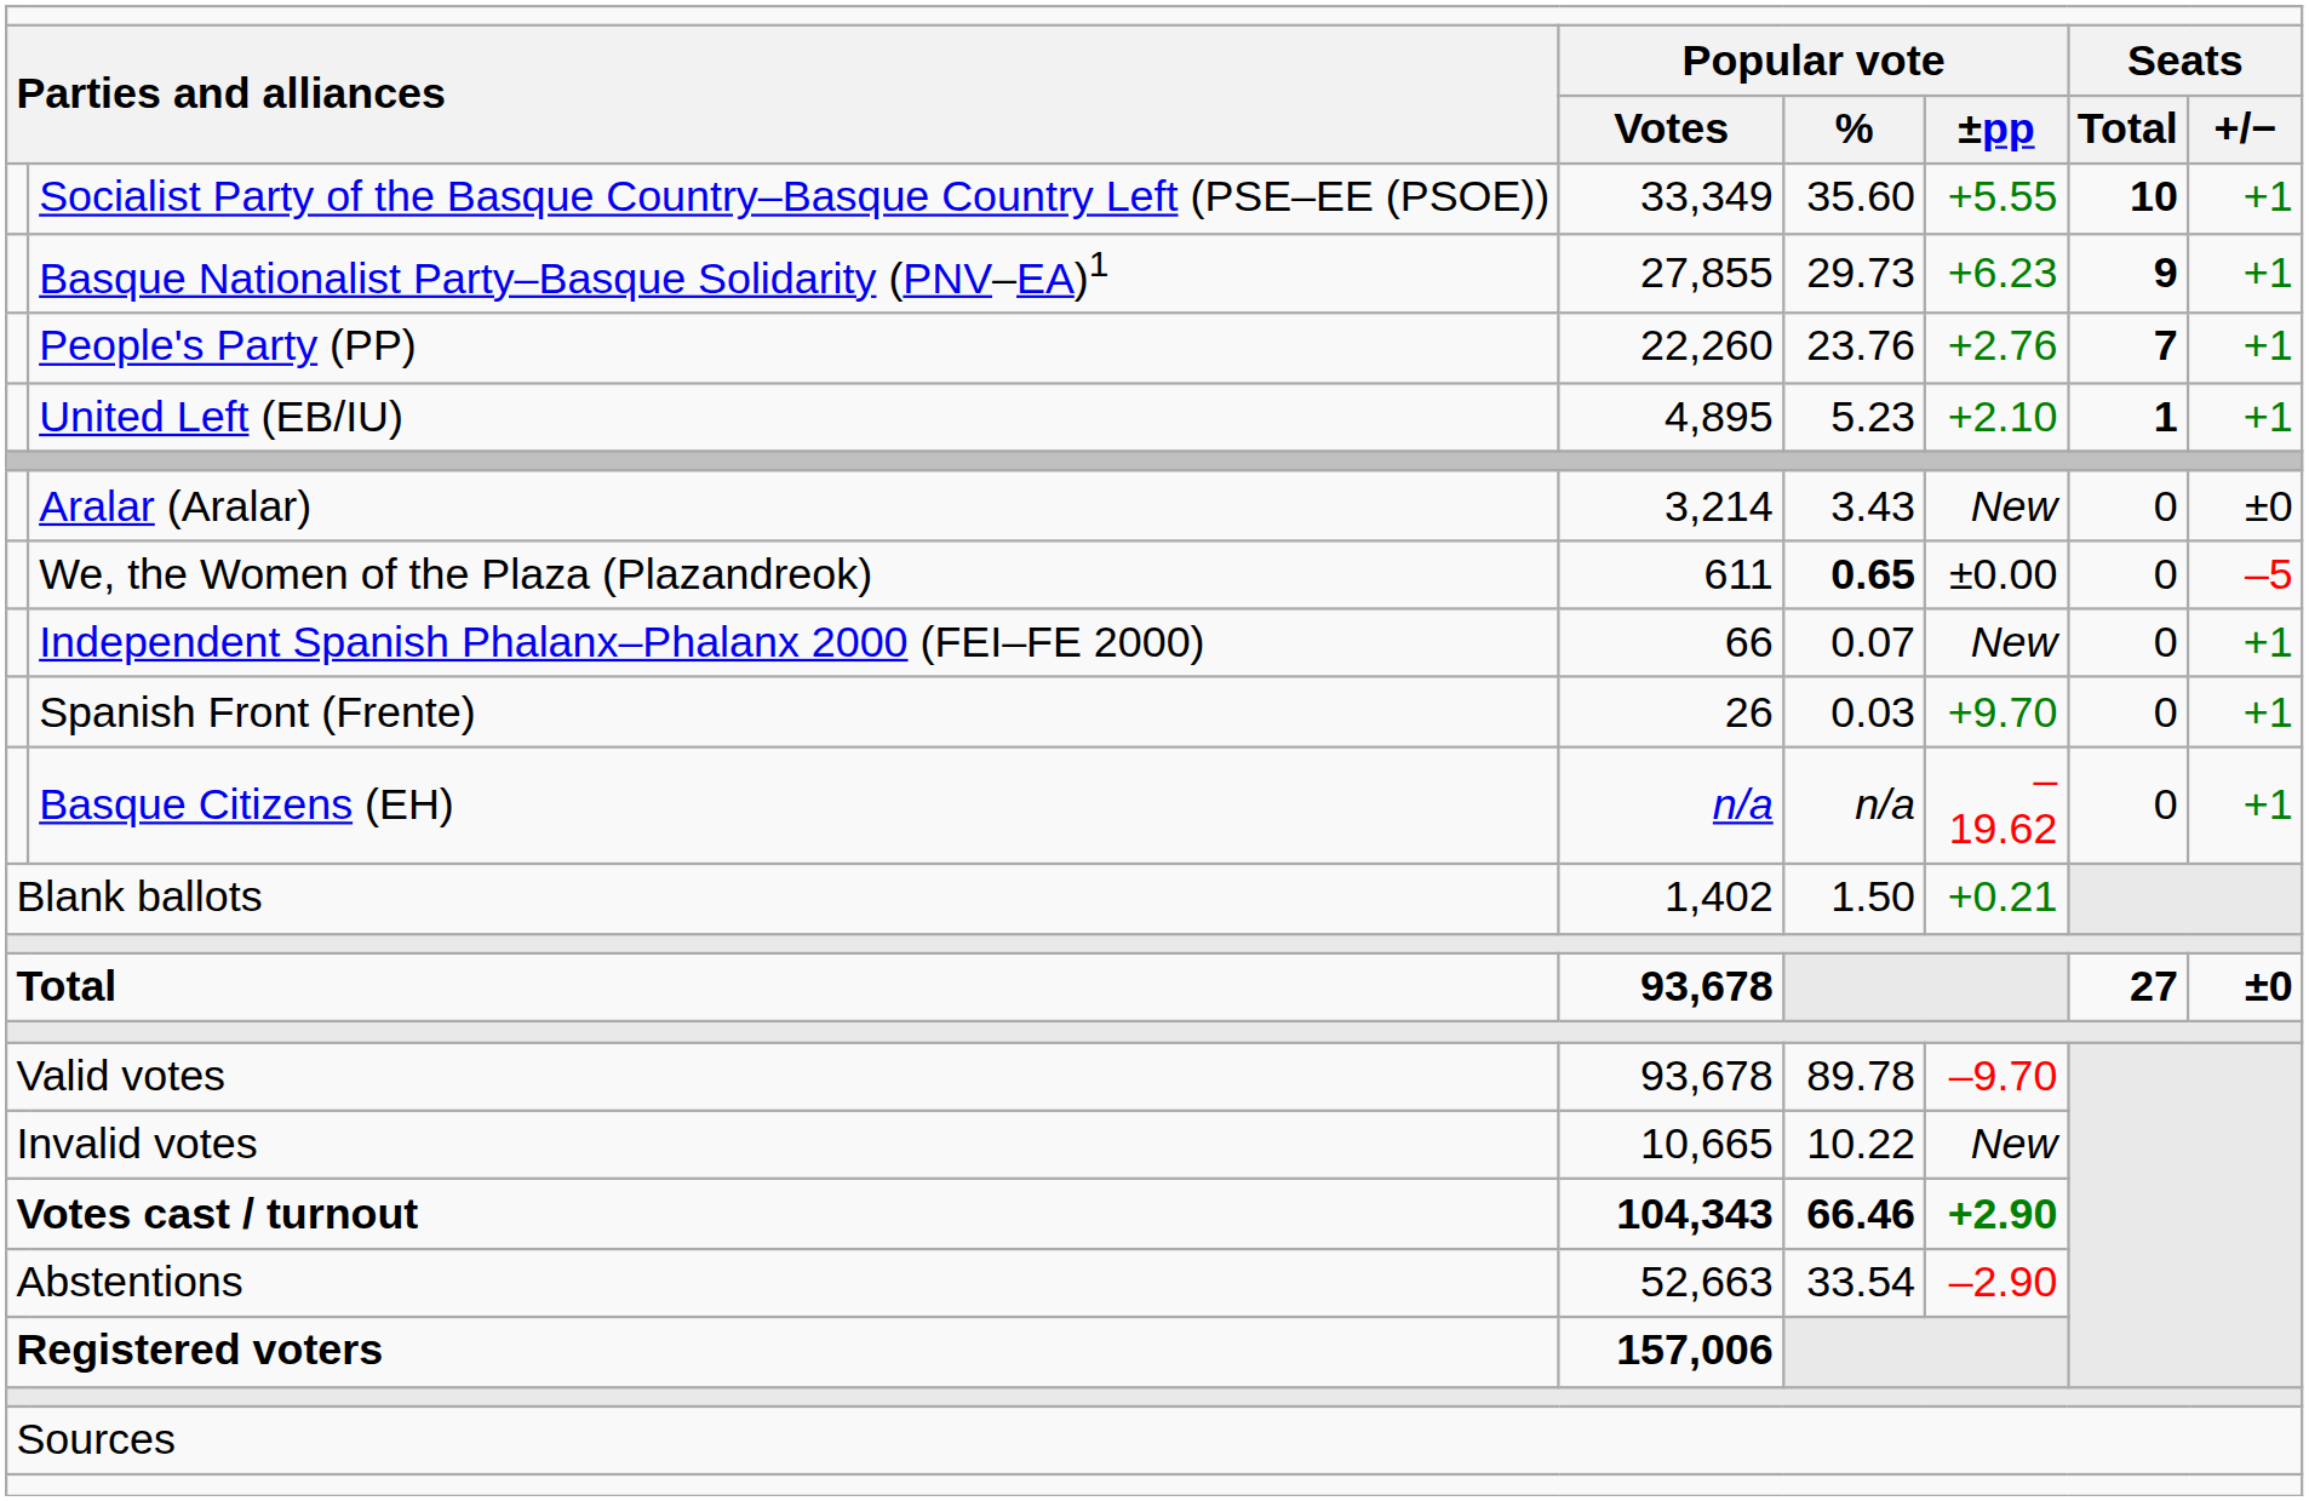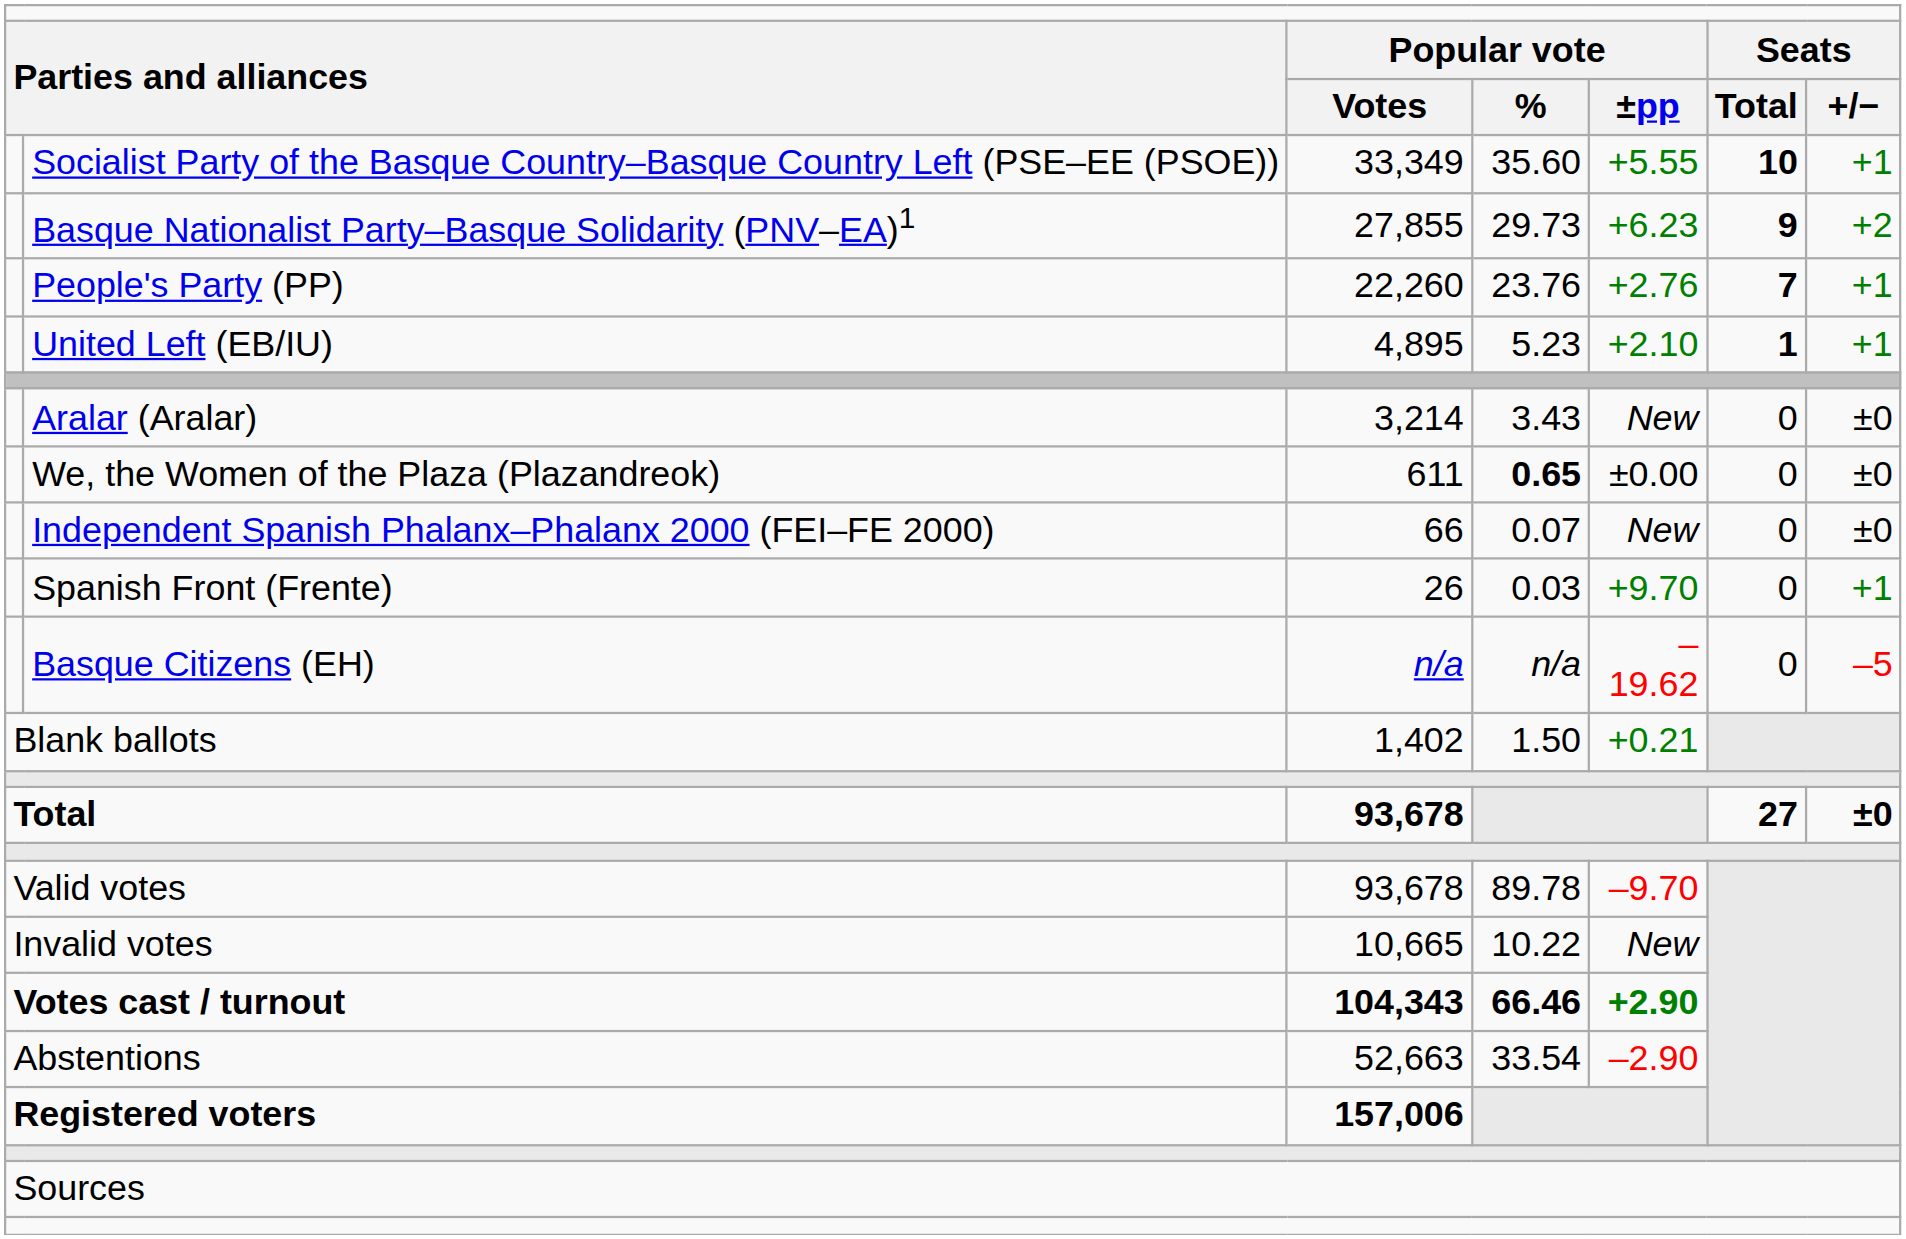 <table class="wikitable" style="text-align:right;">
 <tr>
 <td colspan="7"></td>
 </tr>
 <tr>
 <th style="text-align:left;" rowspan="2" colspan="2" width="525">Parties and alliances</th>
 <th colspan="3">Popular vote</th>
 <th colspan="2">Seats</th>
 </tr>
 <tr>
 <th width="75">Votes</th>
 <th width="45">%</th>
 <th width="45">±<a href='#'>pp</a></th>
 <th width="35">Total</th>
 <th width="35">+/−</th>
 </tr>
 <tr>
 <td width="1" style="color:inherit;background:"></td>
 <td align="left"><a href='#'>Socialist Party of the Basque Country–Basque Country Left</a> (PSE–EE (PSOE))</td>
 <td>33,349</td>
 <td>35.60</td>
 <td style="color:green;">+5.55</td>
 <td><strong>10</strong></td>
 <td style="color:green;">+1</td>
 </tr>
 <tr>
 <td style="color:inherit;background:"></td>
 <td align="left"><a href='#'>Basque Nationalist Party–Basque Solidarity</a> (<a href='#'>PNV</a>–<a href='#'>EA</a>)<sup>1</sup></td>
 <td>27,855</td>
 <td>29.73</td>
 <td style="color:green;">+6.23</td>
 <td><strong>9</strong></td>
-<td style="color:green;">+1</td>
+<td style="color:green;">+2</td>
 </tr>
 <tr>
 <td style="color:inherit;background:"></td>
 <td align="left"><a href='#'>People's Party</a> (PP)</td>
 <td>22,260</td>
 <td>23.76</td>
 <td style="color:green;">+2.76</td>
 <td><strong>7</strong></td>
 <td style="color:green;">+1</td>
 </tr>
 <tr>
 <td style="color:inherit;background:"></td>
 <td align="left"><a href='#'>United Left</a> (EB/IU)</td>
 <td>4,895</td>
 <td>5.23</td>
 <td style="color:green;">+2.10</td>
 <td><strong>1</strong></td>
 <td style="color:green;">+1</td>
 </tr>
 <tr>
 <td colspan="7" style="color:inherit;background:#C0C0C0"></td>
 </tr>
 <tr>
 <td style="color:inherit;background:"></td>
 <td align="left"><a href='#'>Aralar</a> (Aralar)</td>
 <td>3,214</td>
 <td>3.43</td>
 <td><em>New</em></td>
 <td>0</td>
 <td>±0</td>
 </tr>
 <tr>
 <td style="color:inherit;background:"></td>
 <td align="left">We, the Women of the Plaza (Plazandreok)</td>
 <td>611</td>
 <td><strong>0.65</strong></td>
 <td>±0.00</td>
 <td>0</td>
-<td style="color:red;">–5</td>
+<td>±0</td>
 </tr>
 <tr>
 <td style="color:inherit;background:"></td>
 <td align="left"><a href='#'>Independent Spanish Phalanx–Phalanx 2000</a> (FEI–FE 2000)</td>
 <td>66</td>
 <td>0.07</td>
 <td><em>New</em></td>
 <td>0</td>
-<td style="color:green;">+1</td>
+<td>±0</td>
 </tr>
 <tr>
 <td style="color:inherit;background:"></td>
 <td align="left">Spanish Front (Frente)</td>
 <td>26</td>
 <td>0.03</td>
 <td style="color:green;">+9.70</td>
 <td>0</td>
 <td style="color:green;">+1</td>
 </tr>
 <tr>
 <td style="color:inherit;background:"></td>
 <td align="left"><a href='#'>Basque Citizens</a> (EH)</td>
 <td><em><a href='#'>n/a</a></em></td>
 <td><em>n/a</em></td>
 <td style="color:red;">–19.62</td>
 <td>0</td>
-<td style="color:green;">+1</td>
+<td style="color:red;">–5</td>
 </tr>
 <tr>
 <td align="left" colspan="2">Blank ballots</td>
 <td>1,402</td>
 <td>1.50</td>
 <td style="color:green;">+0.21</td>
 <td style="color:inherit;background:#E9E9E9" colspan="2"></td>
 </tr>
 <tr>
 <td colspan="7" style="color:inherit;background:#E9E9E9"></td>
 </tr>
 <tr style="font-weight:bold;">
 <td align="left" colspan="2">Total</td>
 <td>93,678</td>
 <td bgcolor="#E9E9E9" colspan="2"></td>
 <td>27</td>
 <td>±0</td>
 </tr>
 <tr>
 <td colspan="7" style="color:inherit;background:#E9E9E9"></td>
 </tr>
 <tr>
 <td align="left" colspan="2">Valid votes</td>
 <td>93,678</td>
 <td>89.78</td>
 <td style="color:red;">–9.70</td>
 <td bgcolor="#E9E9E9" colspan="2" rowspan="5"></td>
 </tr>
 <tr>
 <td align="left" colspan="2">Invalid votes</td>
 <td>10,665</td>
 <td>10.22</td>
 <td><em>New</em></td>
 </tr>
 <tr style="font-weight:bold;">
 <td align="left" colspan="2">Votes cast / turnout</td>
 <td>104,343</td>
 <td>66.46</td>
 <td style="color:green;">+2.90</td>
 </tr>
 <tr>
 <td align="left" colspan="2">Abstentions</td>
 <td>52,663</td>
 <td>33.54</td>
 <td style="color:red;">–2.90</td>
 </tr>
 <tr style="font-weight:bold;">
 <td align="left" colspan="2">Registered voters</td>
 <td>157,006</td>
 <td bgcolor="#E9E9E9" colspan="2"></td>
 </tr>
 <tr>
 <td colspan="7" style="color:inherit;background:#E9E9E9"></td>
 </tr>
 <tr>
 <td align="left" colspan="7">Sources</td>
 </tr>
 <tr>
 <td colspan="7" style="text-align:left; max-width:790px;"></td>
 </tr>
 </table>
